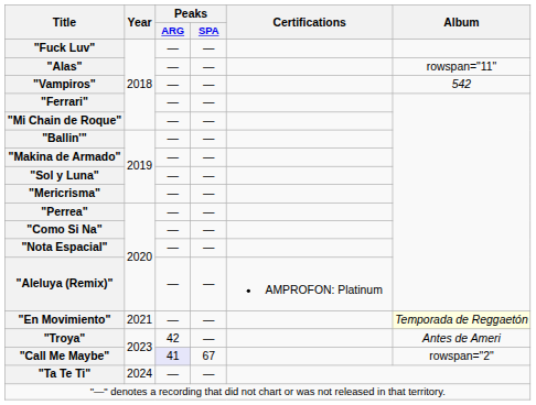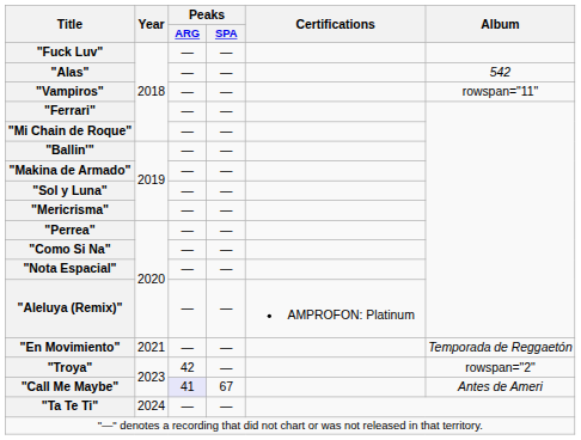 <table class="wikitable plainrowheaders" style="text-align:center">
 <tr>
 <th scope="col" rowspan="2">Title</th>
 <th scope="col" rowspan="2">Year</th>
 <th scope="col" colspan="2">Peaks</th>
 <th scope="col" rowspan="2" style="width:14em;">Certifications</th>
 <th scope="col" rowspan="2">Album</th>
 </tr>
 <tr>
 <th scope="col" style="width:3em;font-size:90%;"><a href='#'>ARG</a><br></th>
 <th scope="col" style="width:3em;font-size:90%;"><a href='#'>SPA</a><br></th>
 </tr>
 <tr>
 <th scope="row">"Fuck Luv"<br></th>
 <td rowspan="5">2018</td>
 <td>—</td>
 <td>—</td>
 <td></td>
 <td></td>
 </tr>
 <tr>
 <th scope="row">"Alas"<br></th>
 <td>—</td>
 <td>—</td>
 <td></td>
-<td>rowspan="11" </td>
+<td><em>542</em></td>
 </tr>
 <tr>
 <th scope="row">"Vampiros"<br></th>
 <td>—</td>
 <td>—</td>
 <td></td>
-<td><em>542</em></td>
+<td>rowspan="11" </td>
 </tr>
 <tr>
 <th scope="row">"Ferrari"<br></th>
 <td>—</td>
 <td>—</td>
 <td></td>
 </tr>
 <tr>
 <th scope="row">"Mi Chain de Roque"</th>
 <td>—</td>
 <td>—</td>
 <td></td>
 </tr>
 <tr>
 <th scope="row">"Ballin'"</th>
 <td rowspan="4">2019</td>
 <td>—</td>
 <td>—</td>
 <td></td>
 </tr>
 <tr>
 <th scope="row">"Makina de Armado"<br></th>
 <td>—</td>
 <td>—</td>
 <td></td>
 </tr>
 <tr>
 <th scope="row">"Sol y Luna"</th>
 <td>—</td>
 <td>—</td>
 <td></td>
 </tr>
 <tr>
 <th scope="row">"Mericrisma"</th>
 <td>—</td>
 <td>—</td>
 <td></td>
 </tr>
 <tr>
 <th scope="row">"Perrea"<br></th>
 <td rowspan="4">2020</td>
 <td>—</td>
 <td>—</td>
 <td></td>
 </tr>
 <tr>
 <th scope="row">"Como Si Na"</th>
 <td>—</td>
 <td>—</td>
 <td></td>
 </tr>
 <tr>
 <th scope="row">"Nota Espacial"<br></th>
 <td>—</td>
 <td>—</td>
 <td></td>
 </tr>
 <tr>
 <th scope="row">"Aleluya (Remix)"<br></th>
 <td>—</td>
 <td>—</td>
 <td><br><ul><li>AMPROFON: Platinum</li></ul></td>
 </tr>
 <tr>
 <th scope="row">"En Movimiento"</th>
 <td>2021</td>
 <td>—</td>
 <td>—</td>
 <td></td>
-<td style="background: lightyellow;"><em>Temporada de Reggaetón</em></td>
+<td><em>Temporada de Reggaetón</em></td>
 </tr>
 <tr>
 <th scope="row">"Troya"</th>
 <td rowspan="2">2023</td>
 <td>42</td>
 <td>—</td>
 <td></td>
-<td><em>Antes de Ameri</em></td>
+<td>rowspan="2" </td>
 </tr>
 <tr>
 <th scope="row">"Call Me Maybe"</th>
 <td style="background: lavender;">41</td>
 <td>67</td>
 <td></td>
-<td>rowspan="2" </td>
+<td><em>Antes de Ameri</em></td>
 </tr>
 <tr>
 <th scope="row">"Ta Te Ti"</th>
 <td>2024</td>
 <td>—</td>
 <td>—</td>
 </tr>
 <tr>
 <td colspan="12" style="font-size:90%">"—" denotes a recording that did not chart or was not released in that territory.</td>
 </tr>
 </table>
